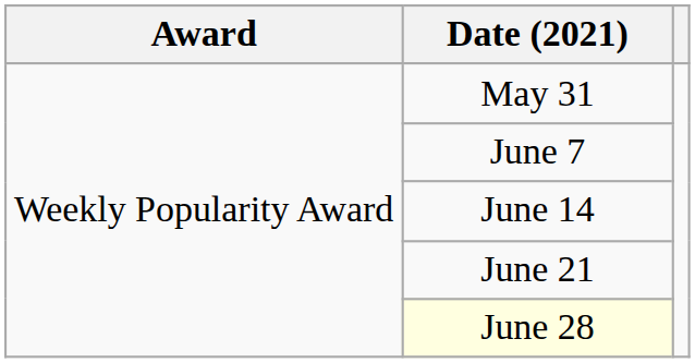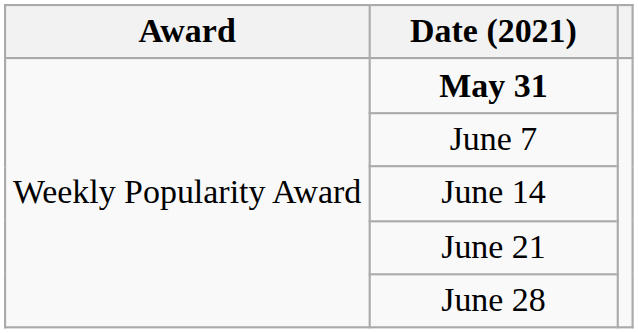 <table class="sortable wikitable" style="text-align:center;">
 <tr>
 <th>Award</th>
 <th width="110">Date (2021)</th>
 <th class="unsortable"></th>
 </tr>
 <tr>
 <td rowspan="5">Weekly Popularity Award</td>
-<td>May 31</td>
+<td><strong>May 31</strong></td>
 <td rowspan="5"></td>
 </tr>
 <tr>
 <td>June 7</td>
 </tr>
 <tr>
 <td>June 14</td>
 </tr>
 <tr>
 <td>June 21</td>
 </tr>
 <tr>
-<td style="background: lightyellow;">June 28</td>
+<td>June 28</td>
 </tr>
 </table>
